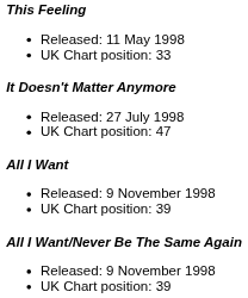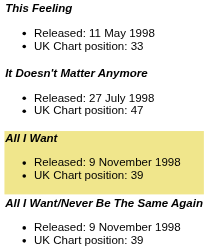 <table>
 <tr>
 <td align="left"><strong><em>This Feeling</em></strong><br><ul><li>Released: 11 May 1998</li><li>UK Chart position: 33</li></ul></td>
 </tr>
 <tr>
 <td align="left"><strong><em>It Doesn't Matter Anymore</em></strong><br><ul><li>Released: 27 July 1998</li><li>UK Chart position: 47</li></ul></td>
 </tr>
 <tr>
-<td align="left"><strong><em>All I Want</em></strong><br><ul><li>Released: 9 November 1998</li><li>UK Chart position: 39</li></ul></td>
+<td align="left" style="background: khaki;"><strong><em>All I Want</em></strong><br><ul><li>Released: 9 November 1998</li><li>UK Chart position: 39</li></ul></td>
 </tr>
 <tr>
 <td align="left"><strong><em>All I Want/Never Be The Same Again</em></strong><br><ul><li>Released: 9 November 1998</li><li>UK Chart position: 39</li></ul></td>
 </tr>
 <tr>
 </tr>
 </table>
